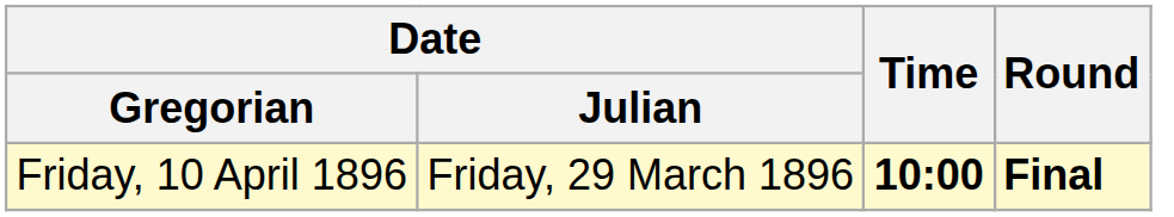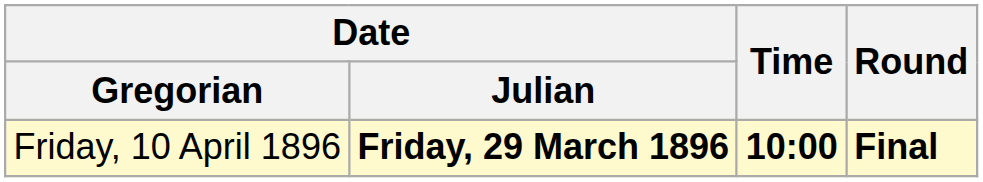 <table class="wikitable">
 <tr>
 <th colspan=2>Date</th>
 <th rowspan=2>Time</th>
 <th rowspan=2>Round</th>
 </tr>
 <tr>
 <th>Gregorian</th>
 <th>Julian</th>
 </tr>
 <tr style=background:lemonchiffon>
 <td>Friday, 10 April 1896</td>
-<td>Friday, 29 March 1896</td>
+<td><strong>Friday, 29 March 1896</strong></td>
 <td><strong>10:00</strong></td>
 <td><strong>Final</strong></td>
 </tr>
 </table>
